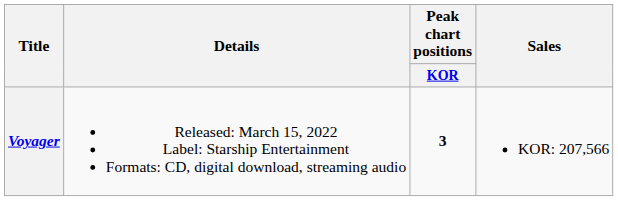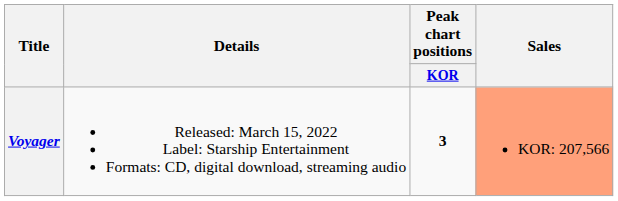 <table class="wikitable plainrowheaders" style="text-align:center;">
 <tr>
 <th scope="col" rowspan="2">Title</th>
 <th scope="col" rowspan="2">Details</th>
 <th colspan="1">Peak chart positions</th>
 <th scope="col" rowspan="2">Sales</th>
 </tr>
 <tr>
 <th scope="col" style="width:3em;font-size:90%;"><a href='#'>KOR</a><br></th>
 </tr>
 <tr>
 <th scope="row"><em><a href='#'>Voyager</a></em></th>
 <td><br><ul><li>Released: March 15, 2022</li><li>Label: Starship Entertainment</li><li>Formats: CD, digital download, streaming audio</li></ul></td>
 <td><strong>3</strong></td>
-<td><br><ul><li>KOR: 207,566</li></ul></td>
+<td style="background: lightsalmon;"><br><ul><li>KOR: 207,566</li></ul></td>
 </tr>
 </table>
